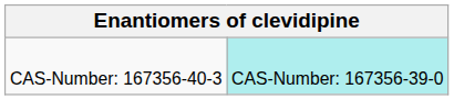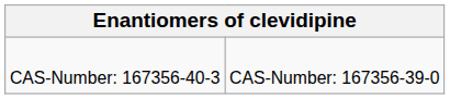 <table class="wikitable" style="text-align:center">
 <tr class="hintergrundfarbe6">
 <th colspan="2">Enantiomers of clevidipine</th>
 </tr>
 <tr>
 <td><br><small> CAS-Number: 167356-40-3</small></td>
-<td style="background: paleturquoise;"><br><small> CAS-Number: 167356-39-0</small></td>
+<td><br><small> CAS-Number: 167356-39-0</small></td>
 </tr>
 </table>
